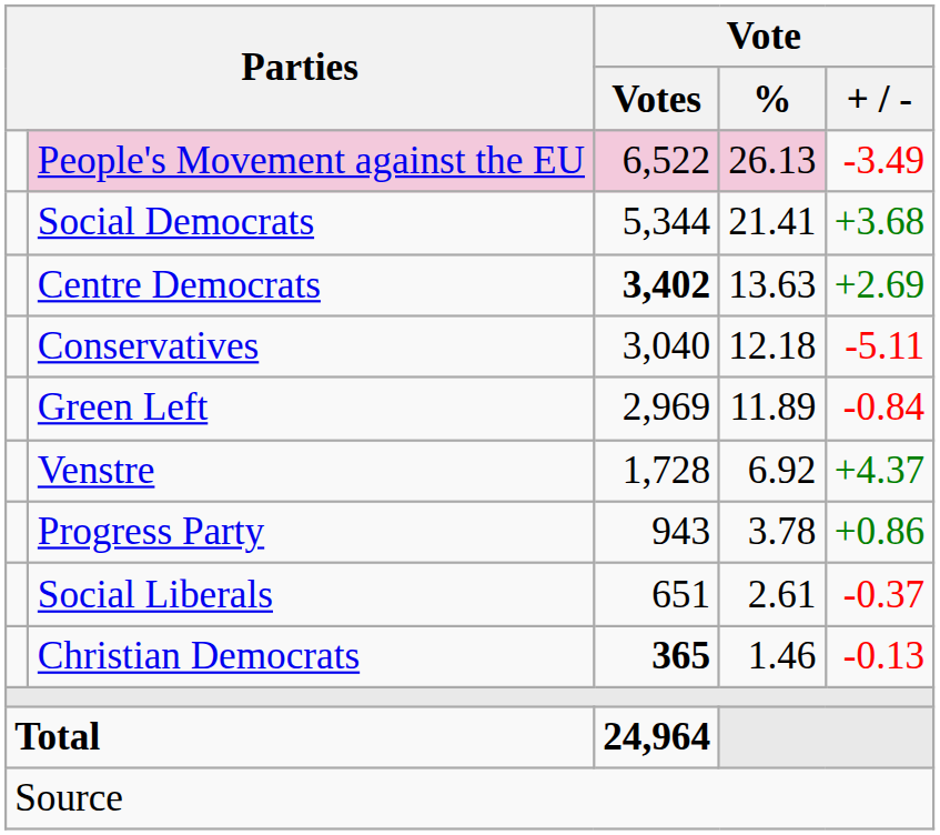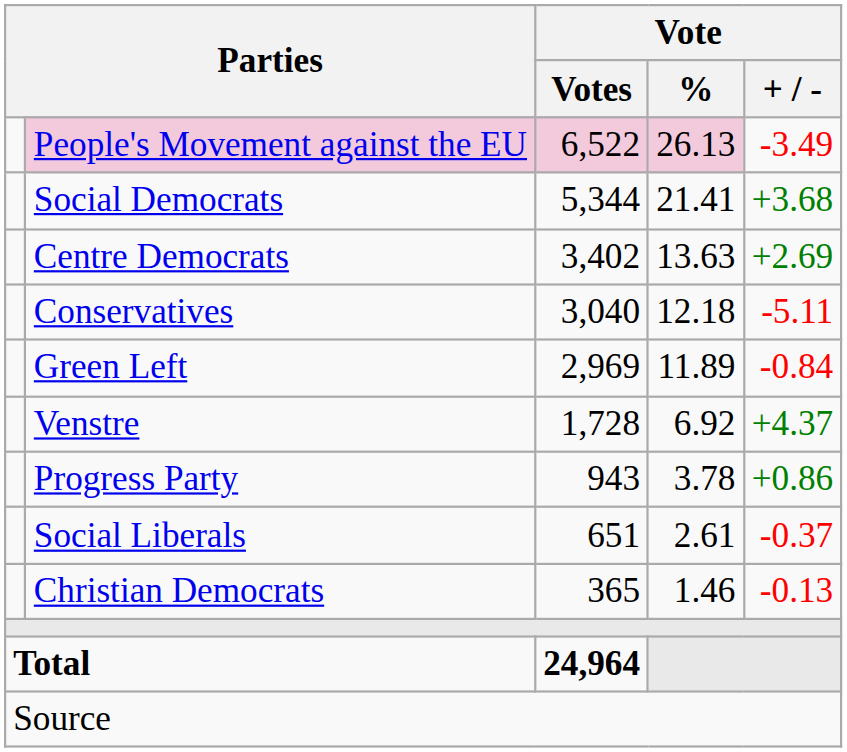 <table class="wikitable" style="text-align:right;">
 <tr>
 <th style="text-align:centre;" rowspan="2" colspan="2" width="225">Parties</th>
 <th colspan="3">Vote</th>
 </tr>
 <tr>
 <th width="15">Votes</th>
 <th width="15">%</th>
 <th width="15">+ / -</th>
 </tr>
 <tr>
 <td width="2" style="color:inherit;background:"></td>
 <td bgcolor=#f3c9dc   align="left"><a href='#'>People's Movement against the EU</a></td>
 <td bgcolor=#f3c9dc>6,522</td>
 <td bgcolor=#f3c9dc>26.13</td>
 <td style=color:red;>-3.49</td>
 </tr>
 <tr>
 <td width="2" style="color:inherit;background:"></td>
 <td align="left"><a href='#'>Social Democrats</a></td>
 <td>5,344</td>
 <td>21.41</td>
 <td style=color:green;>+3.68</td>
 </tr>
 <tr>
 <td width="2" style="color:inherit;background:"></td>
 <td align="left"><a href='#'>Centre Democrats</a></td>
-<td><strong>3,402</strong></td>
+<td>3,402</td>
 <td>13.63</td>
 <td style=color:green;>+2.69</td>
 </tr>
 <tr>
 <td width="2" style="color:inherit;background:"></td>
 <td align="left"><a href='#'>Conservatives</a></td>
 <td>3,040</td>
 <td>12.18</td>
 <td style=color:red;>-5.11</td>
 </tr>
 <tr>
 <td width="2" style="color:inherit;background:"></td>
 <td align="left"><a href='#'>Green Left</a></td>
 <td>2,969</td>
 <td>11.89</td>
 <td style=color:red;>-0.84</td>
 </tr>
 <tr>
 <td width="2" style="color:inherit;background:"></td>
 <td align="left"><a href='#'>Venstre</a></td>
 <td>1,728</td>
 <td>6.92</td>
 <td style=color:green;>+4.37</td>
 </tr>
 <tr>
 <td width="2" style="color:inherit;background:"></td>
 <td align="left"><a href='#'>Progress Party</a></td>
 <td>943</td>
 <td>3.78</td>
 <td style=color:green;>+0.86</td>
 </tr>
 <tr>
 <td width="2" style="color:inherit;background:"></td>
 <td align="left"><a href='#'>Social Liberals</a></td>
 <td>651</td>
 <td>2.61</td>
 <td style=color:red;>-0.37</td>
 </tr>
 <tr>
 <td width="2" style="color:inherit;background:"></td>
 <td align="left"><a href='#'>Christian Democrats</a></td>
-<td><strong>365</strong></td>
+<td>365</td>
 <td>1.46</td>
 <td style=color:red;>-0.13</td>
 </tr>
 <tr>
 <td colspan="7" bgcolor="#E9E9E9"></td>
 </tr>
 <tr>
 <td align="left" colspan="2"><strong>Total</strong></td>
 <td><strong>24,964</strong></td>
 <td bgcolor="#E9E9E9" colspan="2"></td>
 </tr>
 <tr>
 <td align="left" colspan="6">Source</td>
 </tr>
 </table>
